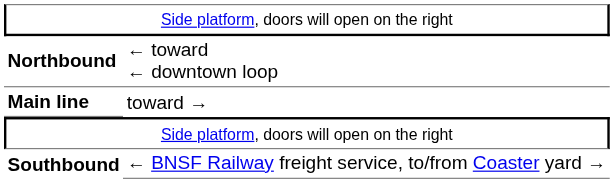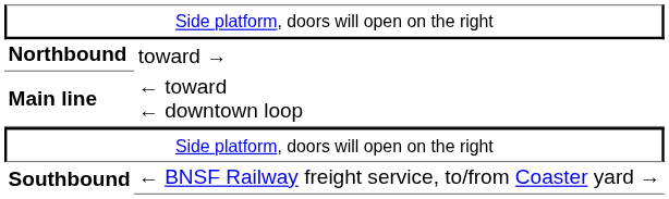 <table table border=0 cellspacing=0 cellpadding=3>
 <tr>
 <td style="border-bottom:solid 2px black;border-right:solid 2px black;border-left:solid 2px black;border-top:solid 1px gray;text-align:center;" colspan=2><small><a href='#'>Side platform</a>, doors will open on the right</small></td>
 </tr>
 <tr>
 <td style="border-bottom:solid 1px gray;"><strong>Northbound</strong></td>
-<td style="border-bottom:solid 1px gray;">← <strong></strong> toward  <br>← <strong></strong> downtown loop </td>
+<td style="border-bottom:solid 0px gray;"> <strong></strong> toward   →</td>
 </tr>
 <tr>
 <td style="border-bottom:solid 1px gray;"><strong>Main line</strong></td>
-<td style="border-bottom:solid 0px gray;"> <strong></strong> toward   →</td>
+<td style="border-bottom:solid 1px gray;">← <strong></strong> toward  <br>← <strong></strong> downtown loop </td>
 </tr>
 <tr>
 <td style="border-top:solid 2px black;border-right:solid 2px black;border-left:solid 2px black;border-bottom:solid 1px gray;text-align:center;" colspan=2><small><a href='#'>Side platform</a>, doors will open on the right</small></td>
 </tr>
 <tr>
 <td style="border-bottom:solid 0px gray;"><strong>Southbound</strong></td>
 <td style="border-bottom:solid 1px gray;">← <a href='#'>BNSF Railway</a> freight service, to/from <a href='#'>Coaster</a> yard →</td>
 </tr>
 </table>
